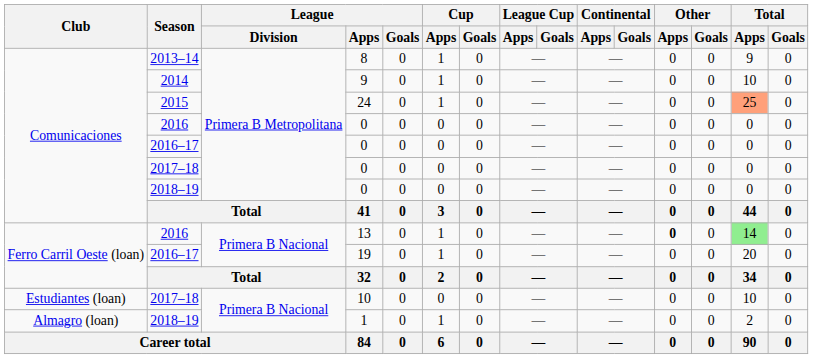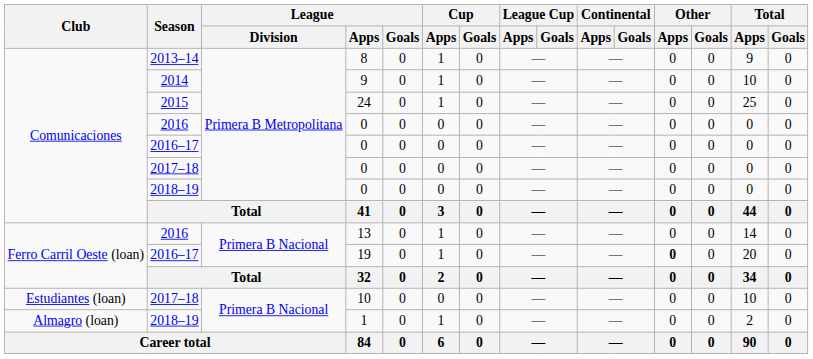 <table class="wikitable" style="text-align:center">
 <tr>
 <th rowspan="2">Club</th>
 <th rowspan="2">Season</th>
 <th colspan="3">League</th>
 <th colspan="2">Cup</th>
 <th colspan="2">League Cup</th>
 <th colspan="2">Continental</th>
 <th colspan="2">Other</th>
 <th colspan="2">Total</th>
 </tr>
 <tr>
 <th>Division</th>
 <th>Apps</th>
 <th>Goals</th>
 <th>Apps</th>
 <th>Goals</th>
 <th>Apps</th>
 <th>Goals</th>
 <th>Apps</th>
 <th>Goals</th>
 <th>Apps</th>
 <th>Goals</th>
 <th>Apps</th>
 <th>Goals</th>
 </tr>
 <tr>
 <td rowspan="8"><a href='#'>Comunicaciones</a></td>
 <td><a href='#'>2013–14</a></td>
 <td rowspan="7"><a href='#'>Primera B Metropolitana</a></td>
 <td>8</td>
 <td>0</td>
 <td>1</td>
 <td>0</td>
 <td colspan="2">—</td>
 <td colspan="2">—</td>
 <td>0</td>
 <td>0</td>
 <td>9</td>
 <td>0</td>
 </tr>
 <tr>
 <td><a href='#'>2014</a></td>
 <td>9</td>
 <td>0</td>
 <td>1</td>
 <td>0</td>
 <td colspan="2">—</td>
 <td colspan="2">—</td>
 <td>0</td>
 <td>0</td>
 <td>10</td>
 <td>0</td>
 </tr>
 <tr>
 <td><a href='#'>2015</a></td>
 <td>24</td>
 <td>0</td>
 <td>1</td>
 <td>0</td>
 <td colspan="2">—</td>
 <td colspan="2">—</td>
 <td>0</td>
 <td>0</td>
-<td style="background: lightsalmon;">25</td>
+<td>25</td>
 <td>0</td>
 </tr>
 <tr>
 <td><a href='#'>2016</a></td>
 <td>0</td>
 <td>0</td>
 <td>0</td>
 <td>0</td>
 <td colspan="2">—</td>
 <td colspan="2">—</td>
 <td>0</td>
 <td>0</td>
 <td>0</td>
 <td>0</td>
 </tr>
 <tr>
 <td><a href='#'>2016–17</a></td>
 <td>0</td>
 <td>0</td>
 <td>0</td>
 <td>0</td>
 <td colspan="2">—</td>
 <td colspan="2">—</td>
 <td>0</td>
 <td>0</td>
 <td>0</td>
 <td>0</td>
 </tr>
 <tr>
 <td><a href='#'>2017–18</a></td>
 <td>0</td>
 <td>0</td>
 <td>0</td>
 <td>0</td>
 <td colspan="2">—</td>
 <td colspan="2">—</td>
 <td>0</td>
 <td>0</td>
 <td>0</td>
 <td>0</td>
 </tr>
 <tr>
 <td><a href='#'>2018–19</a></td>
 <td>0</td>
 <td>0</td>
 <td>0</td>
 <td>0</td>
 <td colspan="2">—</td>
 <td colspan="2">—</td>
 <td>0</td>
 <td>0</td>
 <td>0</td>
 <td>0</td>
 </tr>
 <tr>
 <th colspan="2">Total</th>
 <th>41</th>
 <th>0</th>
 <th>3</th>
 <th>0</th>
 <th colspan="2">—</th>
 <th colspan="2">—</th>
 <th>0</th>
 <th>0</th>
 <th>44</th>
 <th>0</th>
 </tr>
 <tr>
 <td rowspan="3"><a href='#'>Ferro Carril Oeste</a> (loan)</td>
 <td><a href='#'>2016</a></td>
 <td rowspan="2"><a href='#'>Primera B Nacional</a></td>
 <td>13</td>
 <td>0</td>
 <td>1</td>
 <td>0</td>
 <td colspan="2">—</td>
 <td colspan="2">—</td>
-<td><strong>0</strong></td>
 <td>0</td>
-<td style="background: lightgreen;">14</td>
+<td>0</td>
+<td>14</td>
 <td>0</td>
 </tr>
 <tr>
 <td><a href='#'>2016–17</a></td>
 <td>19</td>
 <td>0</td>
 <td>1</td>
 <td>0</td>
 <td colspan="2">—</td>
 <td colspan="2">—</td>
-<td>0</td>
+<td><strong>0</strong></td>
 <td>0</td>
 <td>20</td>
 <td>0</td>
 </tr>
 <tr>
 <th colspan="2">Total</th>
 <th>32</th>
 <th>0</th>
 <th>2</th>
 <th>0</th>
 <th colspan="2">—</th>
 <th colspan="2">—</th>
 <th>0</th>
 <th>0</th>
 <th>34</th>
 <th>0</th>
 </tr>
 <tr>
 <td rowspan="1"><a href='#'>Estudiantes</a> (loan)</td>
 <td><a href='#'>2017–18</a></td>
 <td rowspan="2"><a href='#'>Primera B Nacional</a></td>
 <td>10</td>
 <td>0</td>
 <td>0</td>
 <td>0</td>
 <td colspan="2">—</td>
 <td colspan="2">—</td>
 <td>0</td>
 <td>0</td>
 <td>10</td>
 <td>0</td>
 </tr>
 <tr>
 <td rowspan="1"><a href='#'>Almagro</a> (loan)</td>
 <td><a href='#'>2018–19</a></td>
 <td>1</td>
 <td>0</td>
 <td>1</td>
 <td>0</td>
 <td colspan="2">—</td>
 <td colspan="2">—</td>
 <td>0</td>
 <td>0</td>
 <td>2</td>
 <td>0</td>
 </tr>
 <tr>
 <th colspan="3">Career total</th>
 <th>84</th>
 <th>0</th>
 <th>6</th>
 <th>0</th>
 <th colspan="2">—</th>
 <th colspan="2">—</th>
 <th>0</th>
 <th>0</th>
 <th>90</th>
 <th>0</th>
 </tr>
 </table>
